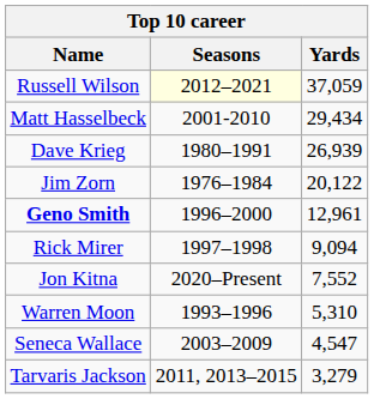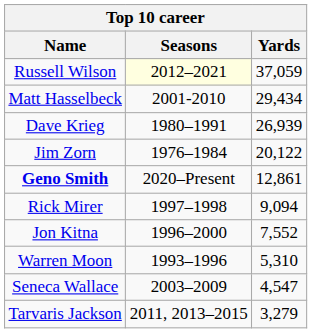 <table class="wikitable" style="text-align:center">
 <tr>
 <th colspan="3"><strong>Top 10 career</strong></th>
 </tr>
 <tr>
 <th><strong>Name</strong></th>
 <th><strong>Seasons</strong></th>
 <th><strong>Yards</strong></th>
 </tr>
 <tr>
 <td><a href='#'>Russell Wilson</a></td>
 <td style="background: lightyellow;">2012–2021</td>
 <td>37,059</td>
 </tr>
 <tr>
 <td><a href='#'>Matt Hasselbeck</a></td>
 <td>2001-2010</td>
 <td>29,434</td>
 </tr>
 <tr>
 <td><a href='#'>Dave Krieg</a></td>
 <td>1980–1991</td>
 <td>26,939</td>
 </tr>
 <tr>
 <td><a href='#'>Jim Zorn</a></td>
 <td>1976–1984</td>
 <td>20,122</td>
 </tr>
 <tr>
 <td><strong><a href='#'>Geno Smith</a></strong></td>
-<td>1996–2000</td>
-<td>12,961</td>
+<td>2020–Present</td>
+<td>12,861</td>
 </tr>
 <tr>
 <td><a href='#'>Rick Mirer</a></td>
 <td>1997–1998</td>
 <td>9,094</td>
 </tr>
 <tr>
 <td><a href='#'>Jon Kitna</a></td>
-<td>2020–Present</td>
+<td>1996–2000</td>
 <td>7,552</td>
 </tr>
 <tr>
 <td><a href='#'>Warren Moon</a></td>
 <td>1993–1996</td>
 <td>5,310</td>
 </tr>
 <tr>
 <td><a href='#'>Seneca Wallace</a></td>
 <td>2003–2009</td>
 <td>4,547</td>
 </tr>
 <tr>
 <td><a href='#'>Tarvaris Jackson</a></td>
 <td>2011, 2013–2015</td>
 <td>3,279</td>
 </tr>
 </table>
